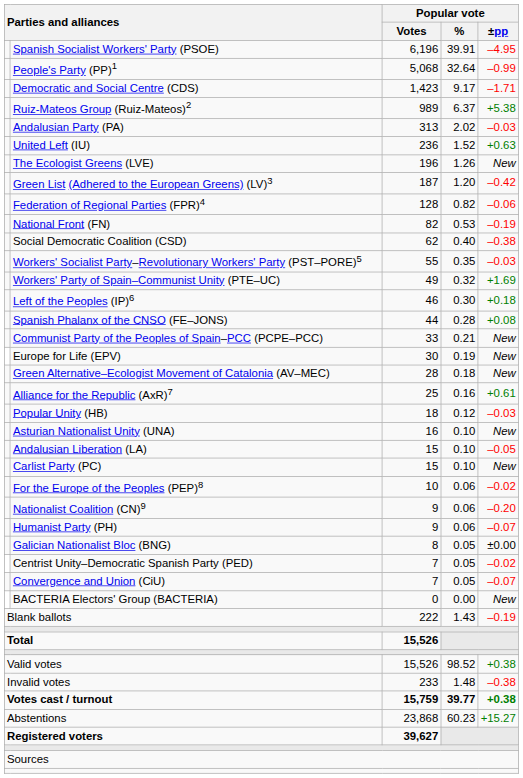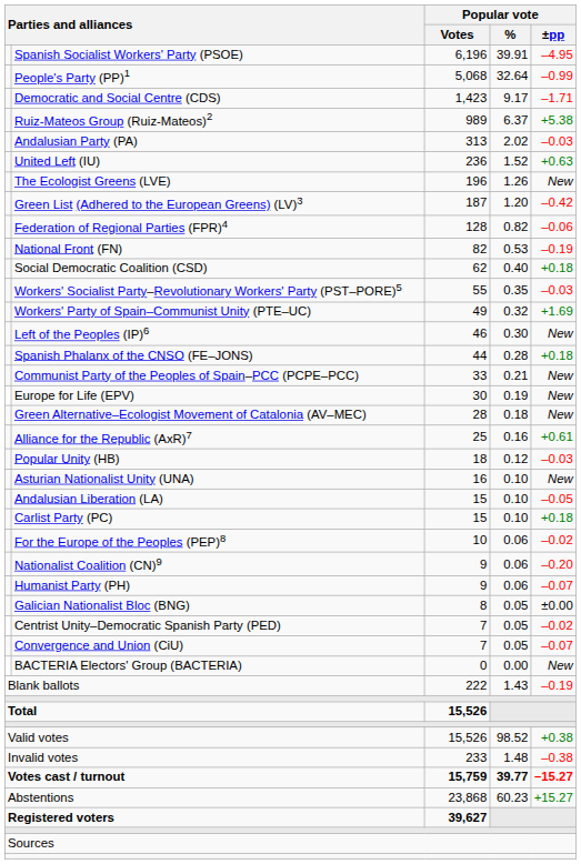 <table class="wikitable" style="text-align:right">
 <tr>
 <th style="text-align:left;" rowspan="2" colspan="2" width="525">Parties and alliances</th>
 <th colspan="3">Popular vote</th>
 </tr>
 <tr>
 <th width="75">Votes</th>
 <th width="45">%</th>
 <th width="45">±<a href='#'>pp</a></th>
 </tr>
 <tr>
 <td width="1" style="color:inherit;background:"></td>
 <td align="left"><a href='#'>Spanish Socialist Workers' Party</a> (PSOE)</td>
 <td>6,196</td>
 <td>39.91</td>
 <td style="color:red;">–4.95</td>
 </tr>
 <tr>
 <td style="color:inherit;background:"></td>
 <td align="left"><a href='#'>People's Party</a> (PP)<sup>1</sup></td>
 <td>5,068</td>
 <td>32.64</td>
 <td style="color:red;">–0.99</td>
 </tr>
 <tr>
 <td style="color:inherit;background:"></td>
 <td align="left"><a href='#'>Democratic and Social Centre</a> (CDS)</td>
 <td>1,423</td>
 <td>9.17</td>
 <td style="color:red;">–1.71</td>
 </tr>
 <tr>
 <td style="color:inherit;background:"></td>
 <td align="left"><a href='#'>Ruiz-Mateos Group</a> (Ruiz-Mateos)<sup>2</sup></td>
 <td>989</td>
 <td>6.37</td>
 <td style="color:green;">+5.38</td>
 </tr>
 <tr>
 <td style="color:inherit;background:"></td>
 <td align="left"><a href='#'>Andalusian Party</a> (PA)</td>
 <td>313</td>
 <td>2.02</td>
 <td style="color:red;">–0.03</td>
 </tr>
 <tr>
 <td style="color:inherit;background:"></td>
 <td align="left"><a href='#'>United Left</a> (IU)</td>
 <td>236</td>
 <td>1.52</td>
 <td style="color:green;">+0.63</td>
 </tr>
 <tr>
 <td style="color:inherit;background:"></td>
 <td align="left"><a href='#'>The Ecologist Greens</a> (LVE)</td>
 <td>196</td>
 <td>1.26</td>
 <td><em>New</em></td>
 </tr>
 <tr>
 <td style="color:inherit;background:"></td>
 <td align="left"><a href='#'>Green List</a> <a href='#'>(Adhered to the European Greens)</a> (LV)<sup>3</sup></td>
 <td>187</td>
 <td>1.20</td>
 <td style="color:red;">–0.42</td>
 </tr>
 <tr>
 <td style="color:inherit;background:"></td>
 <td align="left"><a href='#'>Federation of Regional Parties</a> (FPR)<sup>4</sup></td>
 <td>128</td>
 <td>0.82</td>
 <td style="color:red;">–0.06</td>
 </tr>
 <tr>
 <td style="color:inherit;background:"></td>
 <td align="left"><a href='#'>National Front</a> (FN)</td>
 <td>82</td>
 <td>0.53</td>
 <td style="color:red;">–0.19</td>
 </tr>
 <tr>
 <td style="color:inherit;background:"></td>
 <td align="left">Social Democratic Coalition (CSD)</td>
 <td>62</td>
 <td>0.40</td>
-<td style="color:red;">–0.38</td>
+<td style="color:green;">+0.18</td>
 </tr>
 <tr>
 <td style="color:inherit;background:"></td>
 <td align="left"><a href='#'>Workers' Socialist Party</a>–<a href='#'>Revolutionary Workers' Party</a> (PST–PORE)<sup>5</sup></td>
 <td>55</td>
 <td>0.35</td>
 <td style="color:red;">–0.03</td>
 </tr>
 <tr>
 <td style="color:inherit;background:"></td>
 <td align="left"><a href='#'>Workers' Party of Spain–Communist Unity</a> (PTE–UC)</td>
 <td>49</td>
 <td>0.32</td>
 <td style="color:green;">+1.69</td>
 </tr>
 <tr>
 <td style="color:inherit;background:"></td>
 <td align="left"><a href='#'>Left of the Peoples</a> (IP)<sup>6</sup></td>
 <td>46</td>
 <td>0.30</td>
-<td style="color:green;">+0.18</td>
+<td><em>New</em></td>
 </tr>
 <tr>
 <td style="color:inherit;background:"></td>
 <td align="left"><a href='#'>Spanish Phalanx of the CNSO</a> (FE–JONS)</td>
 <td>44</td>
 <td>0.28</td>
-<td style="color:green;">+0.08</td>
+<td style="color:green;">+0.18</td>
 </tr>
 <tr>
 <td style="color:inherit;background:"></td>
 <td align="left"><a href='#'>Communist Party of the Peoples of Spain</a>–<a href='#'>PCC</a> (PCPE–PCC)</td>
 <td>33</td>
 <td>0.21</td>
 <td><em>New</em></td>
 </tr>
 <tr>
 <td bgcolor="white"></td>
 <td align="left">Europe for Life (EPV)</td>
 <td>30</td>
 <td>0.19</td>
 <td><em>New</em></td>
 </tr>
 <tr>
 <td style="color:inherit;background:"></td>
 <td align="left"><a href='#'>Green Alternative–Ecologist Movement of Catalonia</a> (AV–MEC)</td>
 <td>28</td>
 <td>0.18</td>
 <td><em>New</em></td>
 </tr>
 <tr>
 <td style="color:inherit;background:"></td>
 <td align="left"><a href='#'>Alliance for the Republic</a> (AxR)<sup>7</sup></td>
 <td>25</td>
 <td>0.16</td>
 <td style="color:green;">+0.61</td>
 </tr>
 <tr>
 <td style="color:inherit;background:"></td>
 <td align="left"><a href='#'>Popular Unity</a> (HB)</td>
 <td>18</td>
 <td>0.12</td>
 <td style="color:red;">–0.03</td>
 </tr>
 <tr>
 <td style="color:inherit;background:"></td>
 <td align="left"><a href='#'>Asturian Nationalist Unity</a> (UNA)</td>
 <td>16</td>
 <td>0.10</td>
 <td><em>New</em></td>
 </tr>
 <tr>
 <td style="color:inherit;background:"></td>
 <td align="left"><a href='#'>Andalusian Liberation</a> (LA)</td>
 <td>15</td>
 <td>0.10</td>
 <td style="color:red;">–0.05</td>
 </tr>
 <tr>
 <td style="color:inherit;background:"></td>
 <td align="left"><a href='#'>Carlist Party</a> (PC)</td>
 <td>15</td>
 <td>0.10</td>
-<td><em>New</em></td>
+<td style="color:green;">+0.18</td>
 </tr>
 <tr>
 <td style="color:inherit;background:"></td>
 <td align="left"><a href='#'>For the Europe of the Peoples</a> (PEP)<sup>8</sup></td>
 <td>10</td>
 <td>0.06</td>
 <td style="color:red;">–0.02</td>
 </tr>
 <tr>
 <td style="color:inherit;background:"></td>
 <td align="left"><a href='#'>Nationalist Coalition</a> (CN)<sup>9</sup></td>
 <td>9</td>
 <td>0.06</td>
 <td style="color:red;">–0.20</td>
 </tr>
 <tr>
 <td style="color:inherit;background:"></td>
 <td align="left"><a href='#'>Humanist Party</a> (PH)</td>
 <td>9</td>
 <td>0.06</td>
 <td style="color:red;">–0.07</td>
 </tr>
 <tr>
 <td style="color:inherit;background:"></td>
 <td align="left"><a href='#'>Galician Nationalist Bloc</a> (BNG)</td>
 <td>8</td>
 <td>0.05</td>
 <td>±0.00</td>
 </tr>
 <tr>
 <td bgcolor="white"></td>
 <td align="left">Centrist Unity–Democratic Spanish Party (PED)</td>
 <td>7</td>
 <td>0.05</td>
 <td style="color:red;">–0.02</td>
 </tr>
 <tr>
 <td style="color:inherit;background:"></td>
 <td align="left"><a href='#'>Convergence and Union</a> (CiU)</td>
 <td>7</td>
 <td>0.05</td>
 <td style="color:red;">–0.07</td>
 </tr>
 <tr>
 <td bgcolor="white"></td>
 <td align="left">BACTERIA Electors' Group (BACTERIA)</td>
 <td>0</td>
 <td>0.00</td>
 <td><em>New</em></td>
 </tr>
 <tr>
 <td align="left" colspan="2">Blank ballots</td>
 <td>222</td>
 <td>1.43</td>
 <td style="color:red;">–0.19</td>
 </tr>
 <tr>
 <td colspan="5" bgcolor="#E9E9E9"></td>
 </tr>
 <tr style="font-weight:bold;">
 <td align="left" colspan="2">Total</td>
 <td>15,526</td>
 <td bgcolor="#E9E9E9" colspan="2"></td>
 </tr>
 <tr>
 <td colspan="5" bgcolor="#E9E9E9"></td>
 </tr>
 <tr>
 <td align="left" colspan="2">Valid votes</td>
 <td>15,526</td>
 <td>98.52</td>
 <td style="color:green;">+0.38</td>
 </tr>
 <tr>
 <td align="left" colspan="2">Invalid votes</td>
 <td>233</td>
 <td>1.48</td>
 <td style="color:red;">–0.38</td>
 </tr>
 <tr style="font-weight:bold;">
 <td align="left" colspan="2">Votes cast / turnout</td>
 <td>15,759</td>
 <td>39.77</td>
-<td style="color:green;">+0.38</td>
+<td style="color:red;">–15.27</td>
 </tr>
 <tr>
 <td align="left" colspan="2">Abstentions</td>
 <td>23,868</td>
 <td>60.23</td>
 <td style="color:green;">+15.27</td>
 </tr>
 <tr style="font-weight:bold;">
 <td align="left" colspan="2">Registered voters</td>
 <td>39,627</td>
 <td bgcolor="#E9E9E9" colspan="2"></td>
 </tr>
 <tr>
 <td colspan="5" bgcolor="#E9E9E9"></td>
 </tr>
 <tr>
 <td align="left" colspan="5">Sources</td>
 </tr>
 <tr>
 <td colspan="5" style="text-align:left; max-width:680px;"></td>
 </tr>
 </table>
